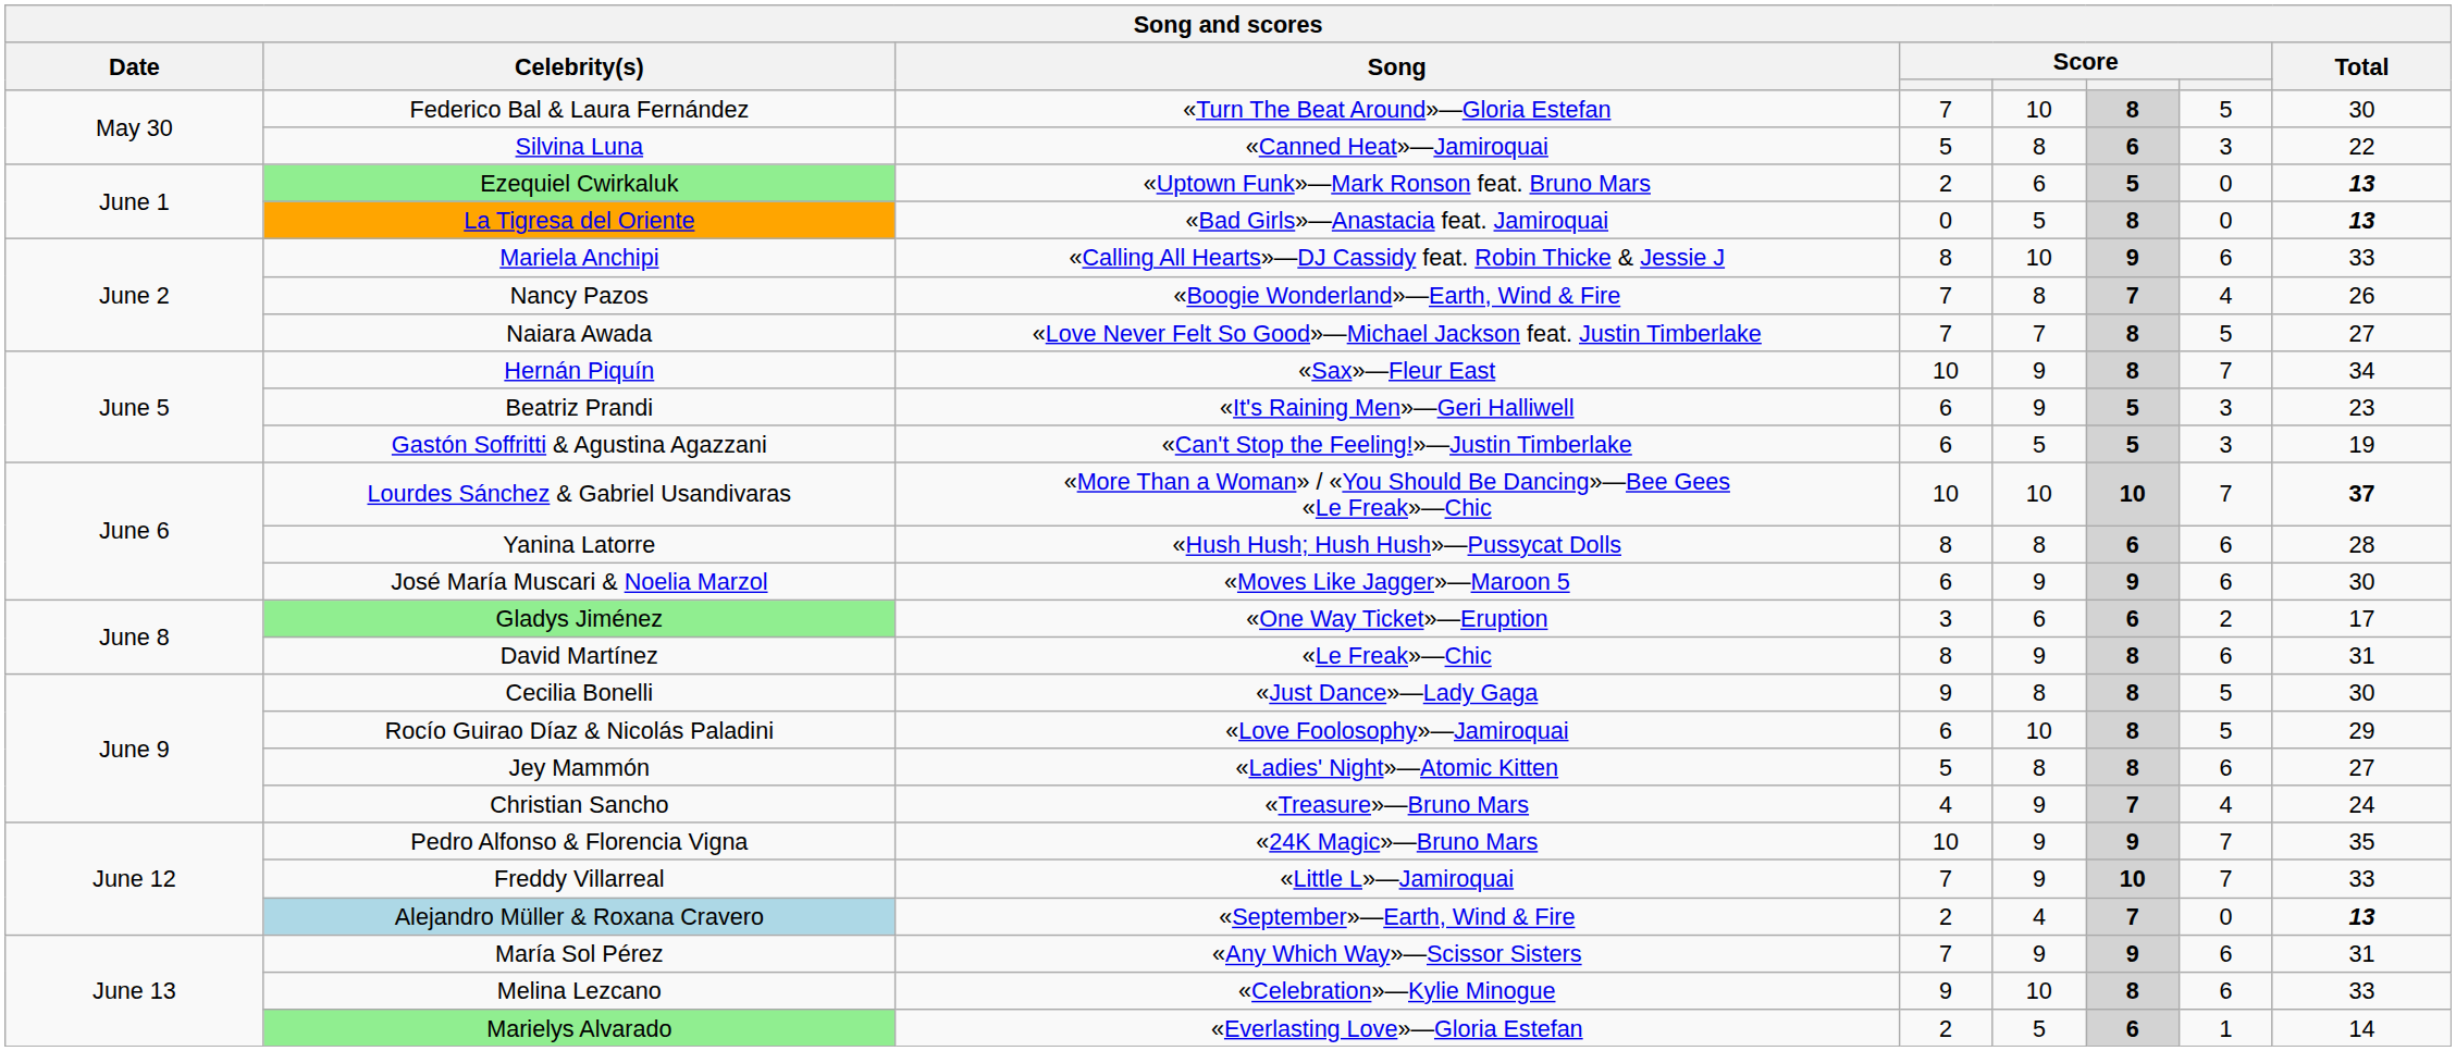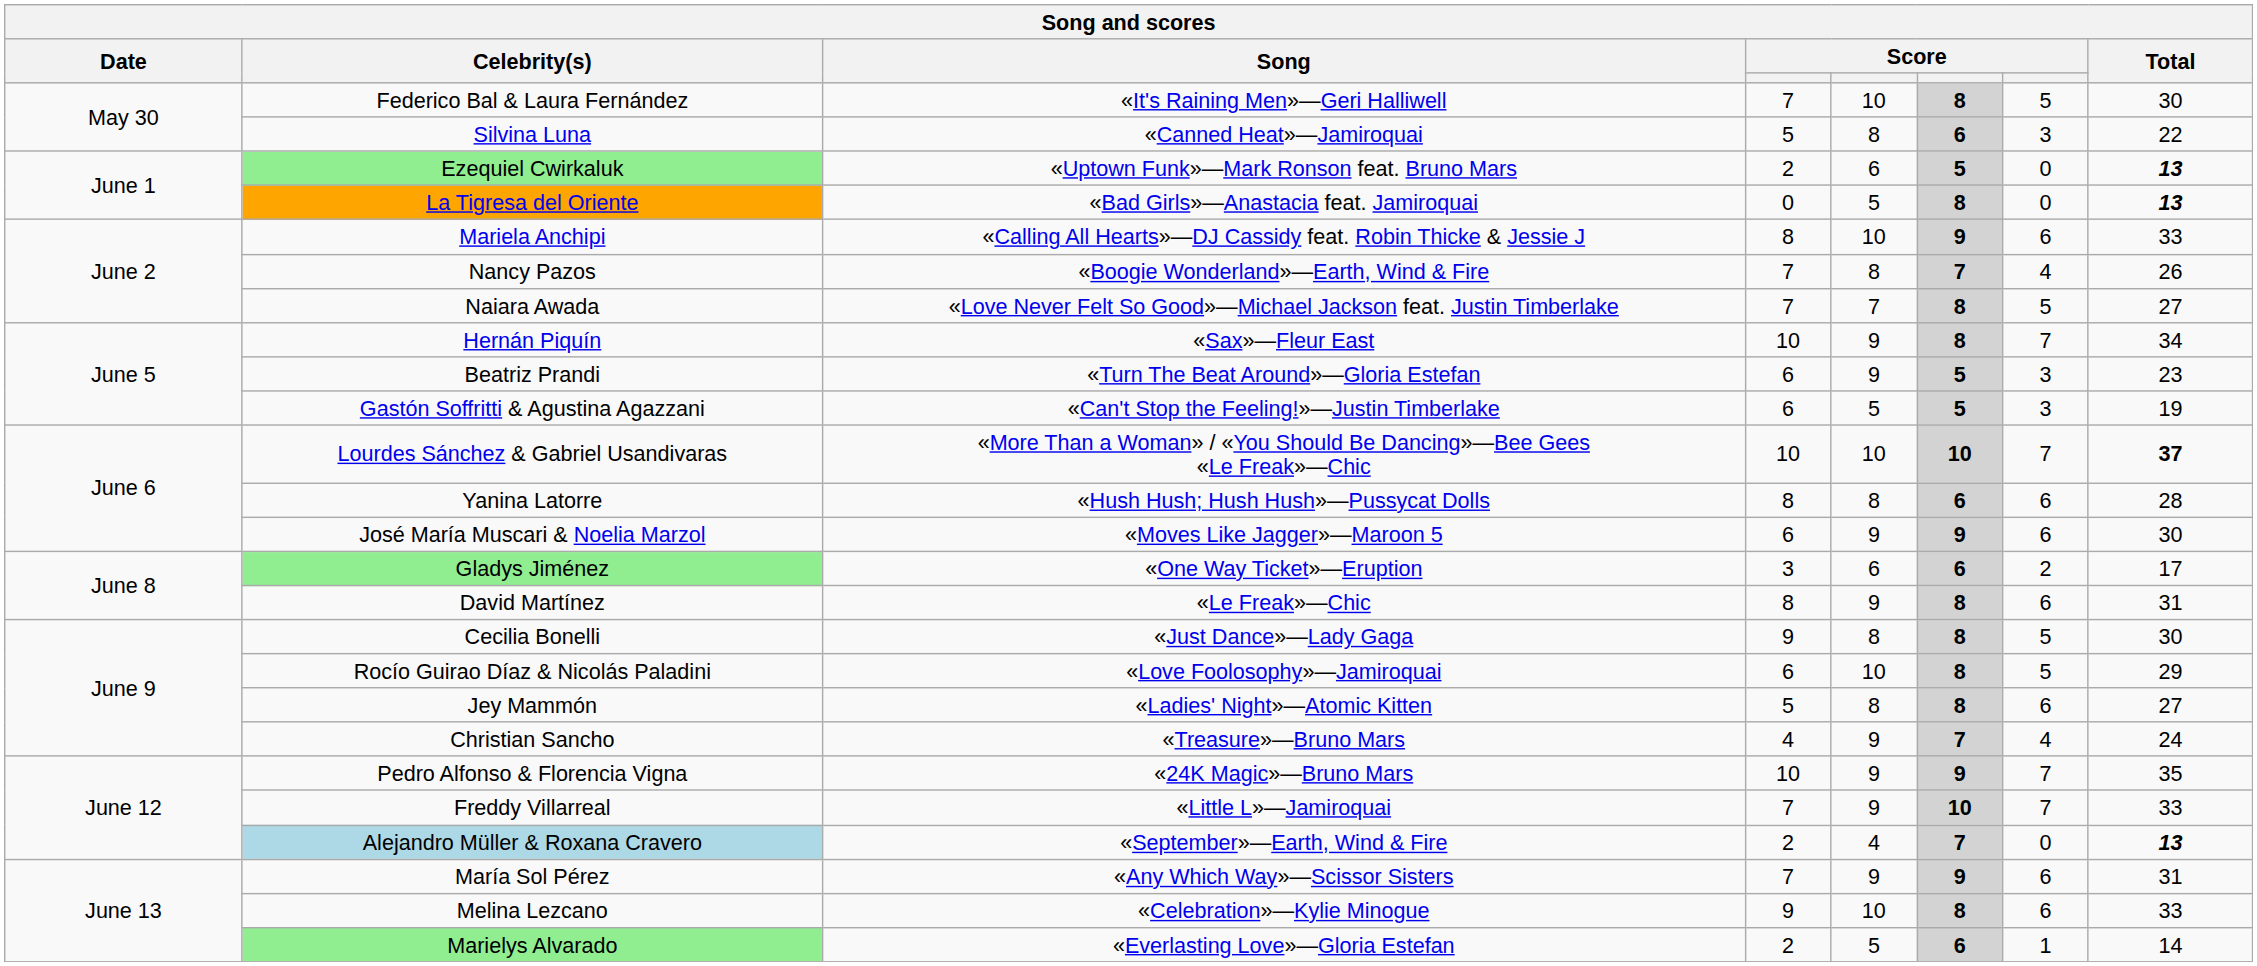 <table class="wikitable collapsible collapsed" style="font-size:95%; text-align: center; width: 100%;">
 <tr>
 <th colspan="11" style="with: 100%;" align=center>Song and scores</th>
 </tr>
 <tr>
 <th rowspan="2" width=90>Date</th>
 <th rowspan="2" width=230>Celebrity(s)</th>
 <th rowspan="2" width=370>Song</th>
 <th colspan="4">Score</th>
 <th rowspan="2" width=60>Total</th>
 </tr>
 <tr>
 <th width=28></th>
 <th width=28></th>
 <th width=28></th>
 <th width=28></th>
 </tr>
 <tr>
 <td rowspan="2">May 30</td>
 <td bgcolor="">Federico Bal & Laura Fernández</td>
-<td>«<a href='#'>Turn The Beat Around</a>»—<a href='#'>Gloria Estefan</a></td>
+<td>«<a href='#'>It's Raining Men</a>»—<a href='#'>Geri Halliwell</a></td>
 <td>7</td>
 <td>10</td>
 <td bgcolor="lightgrey"><strong>8</strong></td>
 <td>5</td>
 <td>30</td>
 </tr>
 <tr>
 <td bgcolor=""><a href='#'>Silvina Luna</a></td>
 <td>«<a href='#'>Canned Heat</a>»—<a href='#'>Jamiroquai</a></td>
 <td>5</td>
 <td>8</td>
 <td bgcolor="lightgrey"><strong>6</strong></td>
 <td>3</td>
 <td>22</td>
 </tr>
 <tr>
 <td rowspan="2">June 1</td>
 <td bgcolor="lightgreen">Ezequiel Cwirkaluk</td>
 <td>«<a href='#'>Uptown Funk</a>»—<a href='#'>Mark Ronson</a> feat. <a href='#'>Bruno Mars</a></td>
 <td>2</td>
 <td>6</td>
 <td bgcolor="lightgrey"><strong>5</strong></td>
 <td>0</td>
 <td><span><strong><em>13</em></strong></span></td>
 </tr>
 <tr>
 <td bgcolor="orange"><a href='#'>La Tigresa del Oriente</a></td>
 <td>«<a href='#'>Bad Girls</a>»—<a href='#'>Anastacia</a> feat. <a href='#'>Jamiroquai</a></td>
 <td>0</td>
 <td>5</td>
 <td bgcolor="lightgrey"><strong>8</strong></td>
 <td>0</td>
 <td><span><strong><em>13</em></strong></span></td>
 </tr>
 <tr>
 <td rowspan="3">June 2</td>
 <td bgcolor=""><a href='#'>Mariela Anchipi</a></td>
 <td>«<a href='#'>Calling All Hearts</a>»—<a href='#'>DJ Cassidy</a> feat. <a href='#'>Robin Thicke</a> & <a href='#'>Jessie J</a></td>
 <td>8</td>
 <td>10</td>
 <td bgcolor="lightgrey"><strong>9</strong></td>
 <td>6</td>
 <td>33</td>
 </tr>
 <tr>
 <td bgcolor="">Nancy Pazos</td>
 <td>«<a href='#'>Boogie Wonderland</a>»—<a href='#'>Earth, Wind & Fire</a></td>
 <td>7</td>
 <td>8</td>
 <td bgcolor="lightgrey"><strong>7</strong></td>
 <td>4</td>
 <td>26</td>
 </tr>
 <tr>
 <td bgcolor="">Naiara Awada</td>
 <td>«<a href='#'>Love Never Felt So Good</a>»—<a href='#'>Michael Jackson</a> feat. <a href='#'>Justin Timberlake</a></td>
 <td>7</td>
 <td>7</td>
 <td bgcolor="lightgrey"><strong>8</strong></td>
 <td>5</td>
 <td>27</td>
 </tr>
 <tr>
 <td rowspan="3">June 5</td>
 <td bgcolor=""><a href='#'>Hernán Piquín</a></td>
 <td>«<a href='#'>Sax</a>»—<a href='#'>Fleur East</a></td>
 <td>10</td>
 <td>9</td>
 <td bgcolor="lightgrey"><strong>8</strong></td>
 <td>7</td>
 <td>34</td>
 </tr>
 <tr>
 <td bgcolor="">Beatriz Prandi</td>
-<td>«<a href='#'>It's Raining Men</a>»—<a href='#'>Geri Halliwell</a></td>
+<td>«<a href='#'>Turn The Beat Around</a>»—<a href='#'>Gloria Estefan</a></td>
 <td>6</td>
 <td>9</td>
 <td bgcolor="lightgrey"><strong>5</strong></td>
 <td>3</td>
 <td>23</td>
 </tr>
 <tr>
 <td bgcolor=""><a href='#'>Gastón Soffritti</a> & Agustina Agazzani</td>
 <td>«<a href='#'>Can't Stop the Feeling!</a>»—<a href='#'>Justin Timberlake</a></td>
 <td>6</td>
 <td>5</td>
 <td bgcolor="lightgrey"><strong>5</strong></td>
 <td>3</td>
 <td>19</td>
 </tr>
 <tr>
 <td rowspan="3">June 6</td>
 <td bgcolor=""><a href='#'>Lourdes Sánchez</a> & Gabriel Usandivaras</td>
 <td>«<a href='#'>More Than a Woman</a>» / «<a href='#'>You Should Be Dancing</a>»—<a href='#'>Bee Gees</a><br>«<a href='#'>Le Freak</a>»—<a href='#'>Chic</a></td>
 <td>10</td>
 <td>10</td>
 <td bgcolor="lightgrey"><strong>10</strong></td>
 <td>7</td>
 <td><span><strong>37</strong></span></td>
 </tr>
 <tr>
 <td bgcolor="">Yanina Latorre</td>
 <td>«<a href='#'>Hush Hush; Hush Hush</a>»—<a href='#'>Pussycat Dolls</a></td>
 <td>8</td>
 <td>8</td>
 <td bgcolor="lightgrey"><strong>6</strong></td>
 <td>6</td>
 <td>28</td>
 </tr>
 <tr>
 <td bgcolor="">José María Muscari & <a href='#'>Noelia Marzol</a></td>
 <td>«<a href='#'>Moves Like Jagger</a>»—<a href='#'>Maroon 5</a></td>
 <td>6</td>
 <td>9</td>
 <td bgcolor="lightgrey"><strong>9</strong></td>
 <td>6</td>
 <td>30</td>
 </tr>
 <tr>
 <td rowspan="2">June 8</td>
 <td bgcolor="lightgreen">Gladys Jiménez</td>
 <td>«<a href='#'>One Way Ticket</a>»—<a href='#'>Eruption</a></td>
 <td>3</td>
 <td>6</td>
 <td bgcolor="lightgrey"><strong>6</strong></td>
 <td>2</td>
 <td>17</td>
 </tr>
 <tr>
 <td bgcolor="">David Martínez</td>
 <td>«<a href='#'>Le Freak</a>»—<a href='#'>Chic</a></td>
 <td>8</td>
 <td>9</td>
 <td bgcolor="lightgrey"><strong>8</strong></td>
 <td>6</td>
 <td>31</td>
 </tr>
 <tr>
 <td rowspan="4">June 9</td>
 <td bgcolor="">Cecilia Bonelli</td>
 <td>«<a href='#'>Just Dance</a>»—<a href='#'>Lady Gaga</a></td>
 <td>9</td>
 <td>8</td>
 <td bgcolor="lightgrey"><strong>8</strong></td>
 <td>5</td>
 <td>30</td>
 </tr>
 <tr>
 <td bgcolor="">Rocío Guirao Díaz & Nicolás Paladini</td>
 <td>«<a href='#'>Love Foolosophy</a>»—<a href='#'>Jamiroquai</a></td>
 <td>6</td>
 <td>10</td>
 <td bgcolor="lightgrey"><strong>8</strong></td>
 <td>5</td>
 <td>29</td>
 </tr>
 <tr>
 <td bgcolor="">Jey Mammón</td>
 <td>«<a href='#'>Ladies' Night</a>»—<a href='#'>Atomic Kitten</a></td>
 <td>5</td>
 <td>8</td>
 <td bgcolor="lightgrey"><strong>8</strong></td>
 <td>6</td>
 <td>27</td>
 </tr>
 <tr>
 <td bgcolor="">Christian Sancho</td>
 <td>«<a href='#'>Treasure</a>»—<a href='#'>Bruno Mars</a></td>
 <td>4</td>
 <td>9</td>
 <td bgcolor="lightgrey"><strong>7</strong></td>
 <td>4</td>
 <td>24</td>
 </tr>
 <tr>
 <td rowspan="3">June 12</td>
 <td bgcolor="">Pedro Alfonso & Florencia Vigna</td>
 <td>«<a href='#'>24K Magic</a>»—<a href='#'>Bruno Mars</a></td>
 <td>10</td>
 <td>9</td>
 <td bgcolor="lightgrey"><strong>9</strong></td>
 <td>7</td>
 <td>35</td>
 </tr>
 <tr>
 <td bgcolor="">Freddy Villarreal</td>
 <td>«<a href='#'>Little L</a>»—<a href='#'>Jamiroquai</a></td>
 <td>7</td>
 <td>9</td>
 <td bgcolor="lightgrey"><strong>10</strong></td>
 <td>7</td>
 <td>33</td>
 </tr>
 <tr>
 <td bgcolor="lightblue">Alejandro Müller & Roxana Cravero</td>
 <td>«<a href='#'>September</a>»—<a href='#'>Earth, Wind & Fire</a></td>
 <td>2</td>
 <td>4</td>
 <td bgcolor="lightgrey"><strong>7</strong></td>
 <td>0</td>
 <td><span><strong><em>13</em></strong></span></td>
 </tr>
 <tr>
 <td rowspan="3">June 13</td>
 <td bgcolor="">María Sol Pérez</td>
 <td>«<a href='#'>Any Which Way</a>»—<a href='#'>Scissor Sisters</a></td>
 <td>7</td>
 <td>9</td>
 <td bgcolor="lightgrey"><strong>9</strong></td>
 <td>6</td>
 <td>31</td>
 </tr>
 <tr>
 <td bgcolor="">Melina Lezcano</td>
 <td>«<a href='#'>Celebration</a>»—<a href='#'>Kylie Minogue</a></td>
 <td>9</td>
 <td>10</td>
 <td bgcolor="lightgrey"><strong>8</strong></td>
 <td>6</td>
 <td>33</td>
 </tr>
 <tr>
 <td bgcolor="lightgreen">Marielys Alvarado</td>
 <td>«<a href='#'>Everlasting Love</a>»—<a href='#'>Gloria Estefan</a></td>
 <td>2</td>
 <td>5</td>
 <td bgcolor="lightgrey"><strong>6</strong></td>
 <td>1</td>
 <td>14</td>
 </tr>
 </table>
